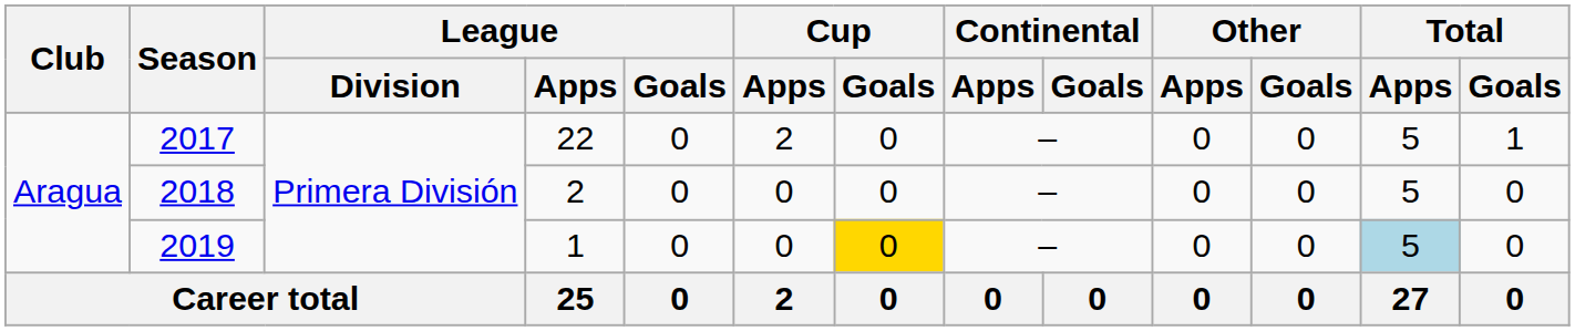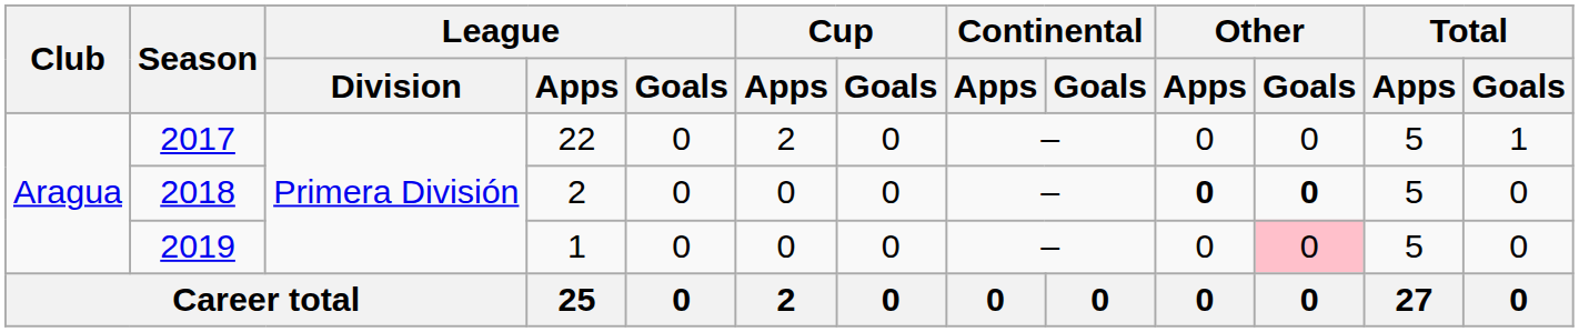 <table class="wikitable" style="text-align: center">
 <tr>
 <th rowspan="2">Club</th>
 <th rowspan="2">Season</th>
 <th colspan="3">League</th>
 <th colspan="2">Cup</th>
 <th colspan="2">Continental</th>
 <th colspan="2">Other</th>
 <th colspan="2">Total</th>
 </tr>
 <tr>
 <th>Division</th>
 <th>Apps</th>
 <th>Goals</th>
 <th>Apps</th>
 <th>Goals</th>
 <th>Apps</th>
 <th>Goals</th>
 <th>Apps</th>
 <th>Goals</th>
 <th>Apps</th>
 <th>Goals</th>
 </tr>
 <tr>
 <td rowspan="3"><a href='#'>Aragua</a></td>
 <td><a href='#'>2017</a></td>
 <td rowspan="3"><a href='#'>Primera División</a></td>
 <td>22</td>
 <td>0</td>
 <td>2</td>
 <td>0</td>
 <td colspan="2">–</td>
 <td>0</td>
 <td>0</td>
 <td>5</td>
 <td>1</td>
 </tr>
 <tr>
 <td><a href='#'>2018</a></td>
 <td>2</td>
 <td>0</td>
 <td>0</td>
 <td>0</td>
 <td colspan="2">–</td>
-<td>0</td>
-<td>0</td>
+<td><strong>0</strong></td>
+<td><strong>0</strong></td>
 <td>5</td>
 <td>0</td>
 </tr>
 <tr>
 <td><a href='#'>2019</a></td>
 <td>1</td>
 <td>0</td>
 <td>0</td>
-<td style="background: gold;">0</td>
+<td>0</td>
 <td colspan="2">–</td>
 <td>0</td>
-<td>0</td>
-<td style="background: lightblue;">5</td>
+<td style="background: pink;">0</td>
+<td>5</td>
 <td>0</td>
 </tr>
 <tr>
 <th colspan="3"><strong>Career total</strong></th>
 <th>25</th>
 <th>0</th>
 <th>2</th>
 <th>0</th>
 <th>0</th>
 <th>0</th>
 <th>0</th>
 <th>0</th>
 <th>27</th>
 <th>0</th>
 </tr>
 </table>
